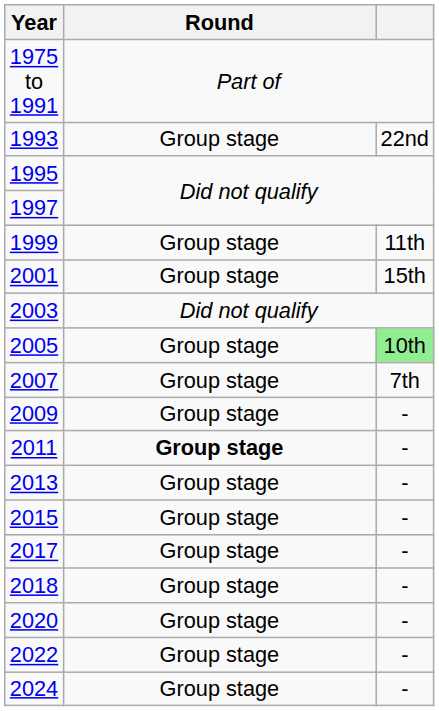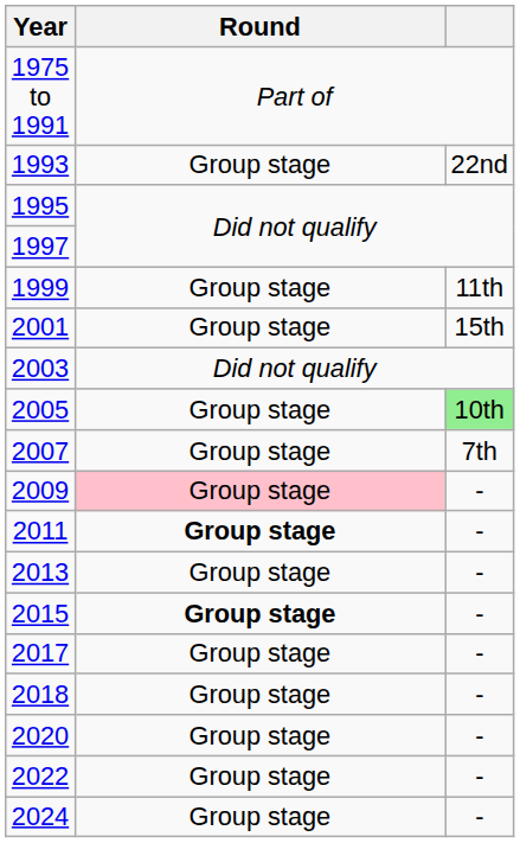 <table class="wikitable" style="text-align: center; font-size:90%">
 <tr>
 <th>Year</th>
 <th style="width:200px">Round</th>
 <th></th>
 </tr>
 <tr>
 <td><a href='#'>1975</a><br>to<br><a href='#'>1991</a></td>
 <td colspan="2"><em>Part of </em></td>
 </tr>
 <tr>
 <td><a href='#'>1993</a></td>
 <td>Group stage</td>
 <td>22nd</td>
 </tr>
 <tr>
 <td><a href='#'>1995</a></td>
 <td colspan="2" rowspan="2"><em>Did not qualify</em></td>
 </tr>
 <tr>
 <td><a href='#'>1997</a></td>
 </tr>
 <tr>
 <td><a href='#'>1999</a></td>
 <td>Group stage</td>
 <td>11th</td>
 </tr>
 <tr>
 <td><a href='#'>2001</a></td>
 <td>Group stage</td>
 <td>15th</td>
 </tr>
 <tr>
 <td><a href='#'>2003</a></td>
 <td colspan="2"><em>Did not qualify</em></td>
 </tr>
 <tr>
 <td><a href='#'>2005</a></td>
 <td>Group stage</td>
 <td style="background: lightgreen;">10th</td>
 </tr>
 <tr>
 <td><a href='#'>2007</a></td>
 <td>Group stage</td>
 <td>7th</td>
 </tr>
 <tr>
 <td><a href='#'>2009</a></td>
-<td>Group stage</td>
+<td style="background: pink;">Group stage</td>
 <td>-</td>
 </tr>
 <tr>
 <td><a href='#'>2011</a></td>
 <td><strong>Group stage</strong></td>
 <td>-</td>
 </tr>
 <tr>
 <td><a href='#'>2013</a></td>
 <td>Group stage</td>
 <td>-</td>
 </tr>
 <tr>
 <td><a href='#'>2015</a></td>
-<td>Group stage</td>
+<td><strong>Group stage</strong></td>
 <td>-</td>
 </tr>
 <tr>
 <td><a href='#'>2017</a></td>
 <td>Group stage</td>
 <td>-</td>
 </tr>
 <tr>
 <td><a href='#'>2018</a></td>
 <td>Group stage</td>
 <td>-</td>
 </tr>
 <tr>
 <td><a href='#'>2020</a></td>
 <td>Group stage</td>
 <td>-</td>
 </tr>
 <tr>
 <td><a href='#'>2022</a></td>
 <td>Group stage</td>
 <td>-</td>
 </tr>
 <tr>
 <td><a href='#'>2024</a></td>
 <td>Group stage</td>
 <td>-</td>
 </tr>
 </table>
